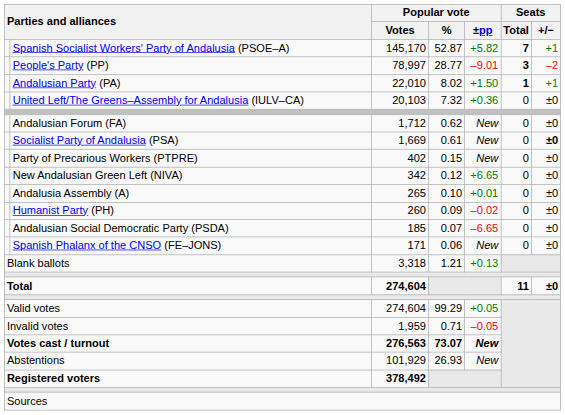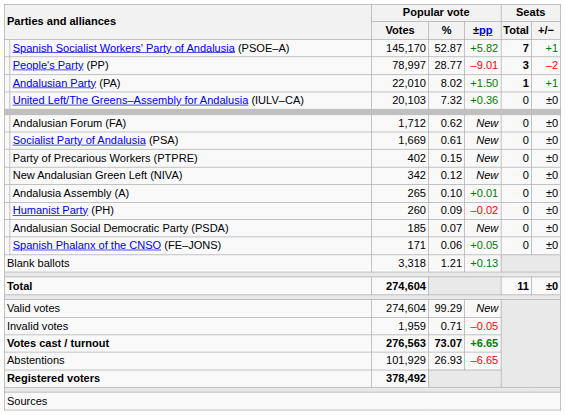 <table class="wikitable" style="text-align:right;">
 <tr>
 <th style="text-align:left;" rowspan="2" colspan="2" width="525">Parties and alliances</th>
 <th colspan="3">Popular vote</th>
 <th colspan="2">Seats</th>
 </tr>
 <tr>
 <th width="75">Votes</th>
 <th width="45">%</th>
 <th width="45">±<a href='#'>pp</a></th>
 <th width="35">Total</th>
 <th width="35">+/−</th>
 </tr>
 <tr>
 <td width="1" style="color:inherit;background:"></td>
 <td align="left"><a href='#'>Spanish Socialist Workers' Party of Andalusia</a> (PSOE–A)</td>
 <td>145,170</td>
 <td>52.87</td>
 <td style="color:green;">+5.82</td>
 <td><strong>7</strong></td>
 <td style="color:green;">+1</td>
 </tr>
 <tr>
 <td style="color:inherit;background:"></td>
 <td align="left"><a href='#'>People's Party</a> (PP)</td>
 <td>78,997</td>
 <td>28.77</td>
 <td style="color:red;">–9.01</td>
 <td><strong>3</strong></td>
 <td style="color:red;">–2</td>
 </tr>
 <tr>
 <td style="color:inherit;background:"></td>
 <td align="left"><a href='#'>Andalusian Party</a> (PA)</td>
 <td>22,010</td>
 <td>8.02</td>
 <td style="color:green;">+1.50</td>
 <td><strong>1</strong></td>
 <td style="color:green;">+1</td>
 </tr>
 <tr>
 <td style="color:inherit;background:"></td>
 <td align="left"><a href='#'>United Left/The Greens–Assembly for Andalusia</a> (IULV–CA)</td>
 <td>20,103</td>
 <td>7.32</td>
 <td style="color:green;">+0.36</td>
 <td>0</td>
 <td>±0</td>
 </tr>
 <tr>
 <td colspan="7" bgcolor="#C0C0C0"></td>
 </tr>
 <tr>
 <td style="color:inherit;background:"></td>
 <td align="left">Andalusian Forum (FA)</td>
 <td>1,712</td>
 <td>0.62</td>
 <td><em>New</em></td>
 <td>0</td>
 <td>±0</td>
 </tr>
 <tr>
 <td width="1" style="color:inherit;background:"></td>
 <td align="left"><a href='#'>Socialist Party of Andalusia</a> (PSA)</td>
 <td>1,669</td>
 <td>0.61</td>
 <td><em>New</em></td>
 <td>0</td>
-<td><strong>±0</strong></td>
+<td>±0</td>
 </tr>
 <tr>
 <td style="color:inherit;background:"></td>
 <td align="left">Party of Precarious Workers (PTPRE)</td>
 <td>402</td>
 <td>0.15</td>
 <td><em>New</em></td>
 <td>0</td>
 <td>±0</td>
 </tr>
 <tr>
 <td style="color:inherit;background:"></td>
 <td align="left">New Andalusian Green Left (NIVA)</td>
 <td>342</td>
 <td>0.12</td>
-<td style="color:green;">+6.65</td>
+<td><em>New</em></td>
 <td>0</td>
 <td>±0</td>
 </tr>
 <tr>
 <td style="color:inherit;background:"></td>
 <td align="left">Andalusia Assembly (A)</td>
 <td>265</td>
 <td>0.10</td>
 <td style="color:green;">+0.01</td>
 <td>0</td>
 <td>±0</td>
 </tr>
 <tr>
 <td style="color:inherit;background:"></td>
 <td align="left"><a href='#'>Humanist Party</a> (PH)</td>
 <td>260</td>
 <td>0.09</td>
 <td style="color:red;">–0.02</td>
 <td>0</td>
 <td>±0</td>
 </tr>
 <tr>
 <td style="color:inherit;background:"></td>
 <td align="left">Andalusian Social Democratic Party (PSDA)</td>
 <td>185</td>
 <td>0.07</td>
-<td style="color:red;">–6.65</td>
+<td><em>New</em></td>
 <td>0</td>
 <td>±0</td>
 </tr>
 <tr>
 <td style="color:inherit;background:"></td>
 <td align="left"><a href='#'>Spanish Phalanx of the CNSO</a> (FE–JONS)</td>
 <td>171</td>
 <td>0.06</td>
-<td><em>New</em></td>
+<td style="color:green;">+0.05</td>
 <td>0</td>
 <td>±0</td>
 </tr>
 <tr>
 <td align="left" colspan="2">Blank ballots</td>
 <td>3,318</td>
 <td>1.21</td>
 <td style="color:green;">+0.13</td>
 <td bgcolor="#E9E9E9" colspan="2"></td>
 </tr>
 <tr>
 <td colspan="7" bgcolor="#E9E9E9"></td>
 </tr>
 <tr style="font-weight:bold;">
 <td align="left" colspan="2">Total</td>
 <td>274,604</td>
 <td bgcolor="#E9E9E9" colspan="2"></td>
 <td>11</td>
 <td>±0</td>
 </tr>
 <tr>
 <td colspan="7" bgcolor="#E9E9E9"></td>
 </tr>
 <tr>
 <td align="left" colspan="2">Valid votes</td>
 <td>274,604</td>
 <td>99.29</td>
-<td style="color:green;">+0.05</td>
+<td><em>New</em></td>
 <td bgcolor="#E9E9E9" colspan="2" rowspan="5"></td>
 </tr>
 <tr>
 <td align="left" colspan="2">Invalid votes</td>
 <td>1,959</td>
 <td>0.71</td>
 <td style="color:red;">–0.05</td>
 </tr>
 <tr style="font-weight:bold;">
 <td align="left" colspan="2">Votes cast / turnout</td>
 <td>276,563</td>
 <td>73.07</td>
-<td><em>New</em></td>
+<td style="color:green;">+6.65</td>
 </tr>
 <tr>
 <td align="left" colspan="2">Abstentions</td>
 <td>101,929</td>
 <td>26.93</td>
-<td><em>New</em></td>
+<td style="color:red;">–6.65</td>
 </tr>
 <tr style="font-weight:bold;">
 <td align="left" colspan="2">Registered voters</td>
 <td>378,492</td>
 <td bgcolor="#E9E9E9" colspan="2"></td>
 </tr>
 <tr>
 <td colspan="7" bgcolor="#E9E9E9"></td>
 </tr>
 <tr>
 <td align="left" colspan="7">Sources</td>
 </tr>
 </table>
